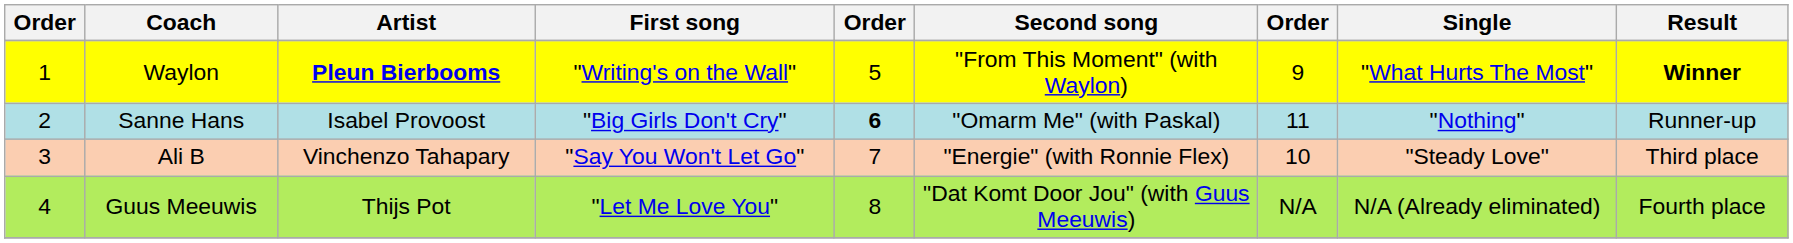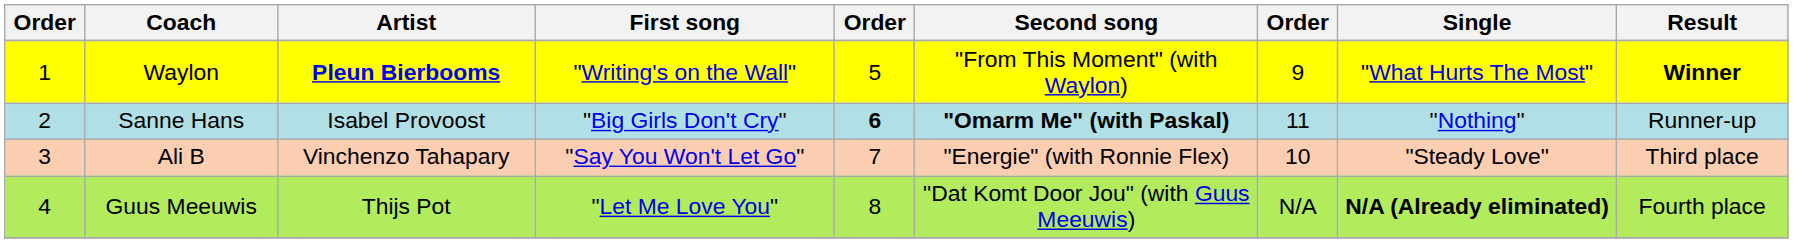 <table class="wikitable" style="text-align:center; width:100%%;">
 <tr>
 <th scope="col" width="02%">Order</th>
 <th scope="col" width="09%">Coach</th>
 <th scope="col" width="12%">Artist</th>
 <th scope="col" width="14%">First song</th>
 <th scope="col" width="02%">Order</th>
 <th scope="col" width="16%">Second song</th>
 <th scope="col" width="02%">Order</th>
 <th scope="col" width="13%">Single</th>
 <th scope="col" width="08%">Result</th>
 </tr>
 <tr>
 </tr>
 <tr>
 <td style="background:Yellow;">1</td>
 <td style="background:Yellow;">Waylon</td>
 <td style="background:Yellow;"><strong><a href='#'>Pleun Bierbooms</a></strong></td>
 <td style="background:Yellow;">"<a href='#'>Writing's on the Wall</a>"</td>
 <td style="background:Yellow;">5</td>
 <td style="background:Yellow;">"From This Moment" (with <a href='#'>Waylon</a>)</td>
 <td style="background:Yellow;">9</td>
 <td style="background:Yellow;">"<a href='#'>What Hurts The Most</a>"</td>
 <td style="background:Yellow;"><strong>Winner</strong></td>
 </tr>
 <tr>
 <td style="background:#B0E0E6;">2</td>
 <td style="background:#B0E0E6;">Sanne Hans</td>
 <td style="background:#B0E0E6;">Isabel Provoost</td>
 <td style="background:#B0E0E6;">"<a href='#'>Big Girls Don't Cry</a>"</td>
 <td style="background:#B0E0E6;"><strong>6</strong></td>
-<td style="background:#B0E0E6;">"Omarm Me" (with Paskal)</td>
+<td style="background:#B0E0E6;"><strong>"Omarm Me" (with Paskal)</strong></td>
 <td style="background:#B0E0E6;">11</td>
 <td style="background:#B0E0E6;">"<a href='#'>Nothing</a>"</td>
 <td style="background:#B0E0E6;">Runner-up</td>
 </tr>
 <tr>
 <td style="background:#FBCEB1;">3</td>
 <td style="background:#FBCEB1;">Ali B</td>
 <td style="background:#FBCEB1;">Vinchenzo Tahapary</td>
 <td style="background:#FBCEB1;">"<a href='#'>Say You Won't Let Go</a>"</td>
 <td style="background:#FBCEB1;">7</td>
 <td style="background:#FBCEB1;">"Energie" (with Ronnie Flex)</td>
 <td style="background:#FBCEB1;">10</td>
 <td style="background:#FBCEB1;">"Steady Love"</td>
 <td style="background:#FBCEB1;">Third place</td>
 </tr>
 <tr>
 <td style="background:#B2EC5D;">4</td>
 <td style="background:#B2EC5D;">Guus Meeuwis</td>
 <td style="background:#B2EC5D;">Thijs Pot</td>
 <td style="background:#B2EC5D;">"<a href='#'>Let Me Love You</a>"</td>
 <td style="background:#B2EC5D;">8</td>
 <td style="background:#B2EC5D;">"Dat Komt Door Jou" (with <a href='#'>Guus Meeuwis</a>)</td>
 <td style="background:#B2EC5D;">N/A</td>
-<td style="background:#B2EC5D;">N/A (Already eliminated)</td>
+<td style="background:#B2EC5D;"><strong>N/A (Already eliminated)</strong></td>
 <td style="background:#B2EC5D;">Fourth place</td>
 </tr>
 <tr>
 </tr>
 </table>
